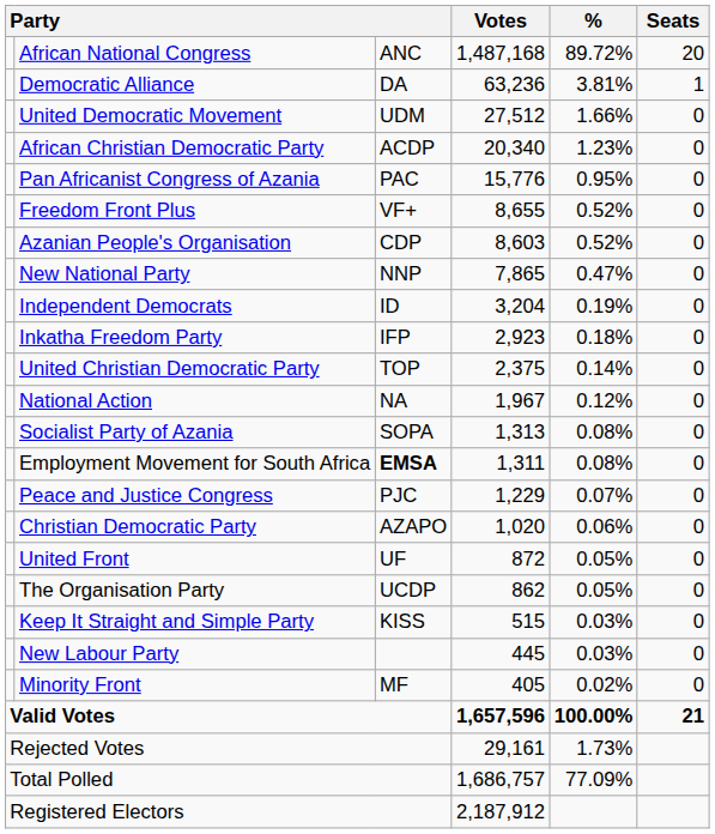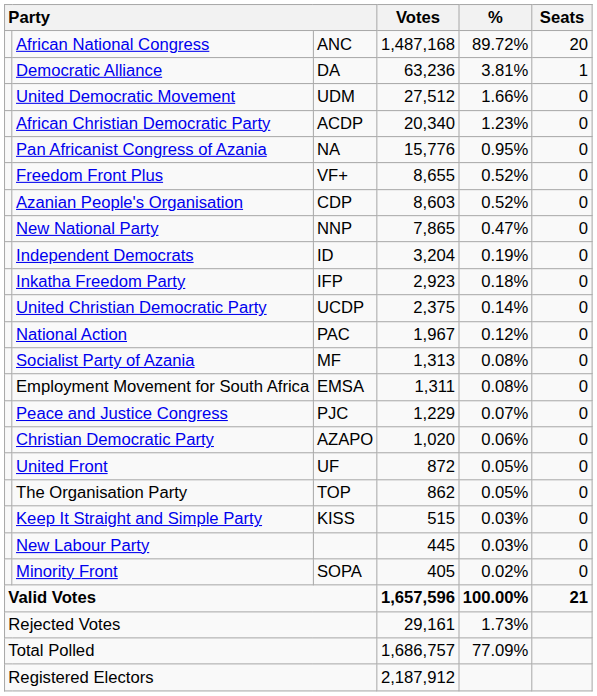 <table class="wikitable" border="1" style="text-align:right;">
 <tr>
 <th style="text-align:left;" colspan=3>Party</th>
 <th align=center width="50">Votes</th>
 <th align=center width="50">%</th>
 <th align=center width="50">Seats</th>
 </tr>
 <tr>
 <td style="background:"></td>
 <td align=left><a href='#'>African National Congress</a></td>
 <td align=left>ANC</td>
 <td>1,487,168</td>
 <td>89.72%</td>
 <td>20</td>
 </tr>
 <tr>
 <td style="background:"></td>
 <td align=left><a href='#'>Democratic Alliance</a></td>
 <td align=left>DA</td>
 <td>63,236</td>
 <td>3.81%</td>
 <td>1</td>
 </tr>
 <tr>
 <td style="background:"></td>
 <td align=left><a href='#'>United Democratic Movement</a></td>
 <td align=left>UDM</td>
 <td>27,512</td>
 <td>1.66%</td>
 <td>0</td>
 </tr>
 <tr>
 <td style="background:"></td>
 <td align=left><a href='#'>African Christian Democratic Party</a></td>
 <td align=left>ACDP</td>
 <td>20,340</td>
 <td>1.23%</td>
 <td>0</td>
 </tr>
 <tr>
 <td style="background:"></td>
 <td align=left><a href='#'>Pan Africanist Congress of Azania</a></td>
-<td align=left>PAC</td>
+<td align=left>NA</td>
 <td>15,776</td>
 <td>0.95%</td>
 <td>0</td>
 </tr>
 <tr>
 <td style="background:"></td>
 <td align=left><a href='#'>Freedom Front Plus</a></td>
 <td align=left>VF+</td>
 <td>8,655</td>
 <td>0.52%</td>
 <td>0</td>
 </tr>
 <tr>
 <td style="background:"></td>
 <td align=left><a href='#'>Azanian People's Organisation</a></td>
 <td align=left>CDP</td>
 <td>8,603</td>
 <td>0.52%</td>
 <td>0</td>
 </tr>
 <tr>
 <td style="background:"></td>
 <td align=left><a href='#'>New National Party</a></td>
 <td align=left>NNP</td>
 <td>7,865</td>
 <td>0.47%</td>
 <td>0</td>
 </tr>
 <tr>
 <td style="background:"></td>
 <td align=left><a href='#'>Independent Democrats</a></td>
 <td align=left>ID</td>
 <td>3,204</td>
 <td>0.19%</td>
 <td>0</td>
 </tr>
 <tr>
 <td style="background:"></td>
 <td align=left><a href='#'>Inkatha Freedom Party</a></td>
 <td align=left>IFP</td>
 <td>2,923</td>
 <td>0.18%</td>
 <td>0</td>
 </tr>
 <tr>
 <td style="background:"></td>
 <td align=left><a href='#'>United Christian Democratic Party</a></td>
-<td align=left>TOP</td>
+<td align=left>UCDP</td>
 <td>2,375</td>
 <td>0.14%</td>
 <td>0</td>
 </tr>
 <tr>
 <td></td>
 <td align=left><a href='#'>National Action</a></td>
-<td align=left>NA</td>
+<td align=left>PAC</td>
 <td>1,967</td>
 <td>0.12%</td>
 <td>0</td>
 </tr>
 <tr>
 <td style="background:"></td>
 <td align=left><a href='#'>Socialist Party of Azania</a></td>
-<td align=left>SOPA</td>
+<td align=left>MF</td>
 <td>1,313</td>
 <td>0.08%</td>
 <td>0</td>
 </tr>
 <tr>
 <td></td>
 <td align=left>Employment Movement for South Africa</td>
-<td align=left><strong>EMSA</strong></td>
+<td align=left>EMSA</td>
 <td>1,311</td>
 <td>0.08%</td>
 <td>0</td>
 </tr>
 <tr>
 <td></td>
 <td align=left><a href='#'>Peace and Justice Congress</a></td>
 <td align=left>PJC</td>
 <td>1,229</td>
 <td>0.07%</td>
 <td>0</td>
 </tr>
 <tr>
 <td style="background:"></td>
 <td align=left><a href='#'>Christian Democratic Party</a></td>
 <td align=left>AZAPO</td>
 <td>1,020</td>
 <td>0.06%</td>
 <td>0</td>
 </tr>
 <tr>
 <td></td>
 <td align=left><a href='#'>United Front</a></td>
 <td align=left>UF</td>
 <td>872</td>
 <td>0.05%</td>
 <td>0</td>
 </tr>
 <tr>
 <td></td>
 <td align=left>The Organisation Party</td>
-<td align=left>UCDP</td>
+<td align=left>TOP</td>
 <td>862</td>
 <td>0.05%</td>
 <td>0</td>
 </tr>
 <tr>
 <td style="background:"></td>
 <td align=left><a href='#'>Keep It Straight and Simple Party</a></td>
 <td align=left>KISS</td>
 <td>515</td>
 <td>0.03%</td>
 <td>0</td>
 </tr>
 <tr>
 <td></td>
 <td align=left><a href='#'>New Labour Party</a></td>
 <td align=left></td>
 <td>445</td>
 <td>0.03%</td>
 <td>0</td>
 </tr>
 <tr>
 <td style="background:"></td>
 <td align=left><a href='#'>Minority Front</a></td>
-<td align=left>MF</td>
+<td align=left>SOPA</td>
 <td>405</td>
 <td>0.02%</td>
 <td>0</td>
 </tr>
 <tr style="font-weight:bold">
 <td align=left colspan=3>Valid Votes</td>
 <td>1,657,596</td>
 <td>100.00%</td>
 <td>21</td>
 </tr>
 <tr>
 <td align=left colspan=3>Rejected Votes</td>
 <td>29,161</td>
 <td>1.73%</td>
 <td></td>
 </tr>
 <tr>
 <td align=left colspan=3>Total Polled</td>
 <td>1,686,757</td>
 <td>77.09%</td>
 <td></td>
 </tr>
 <tr>
 <td align=left colspan=3>Registered Electors</td>
 <td>2,187,912</td>
 <td></td>
 <td></td>
 </tr>
 </table>
